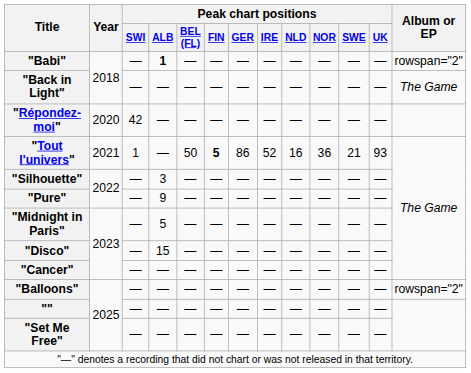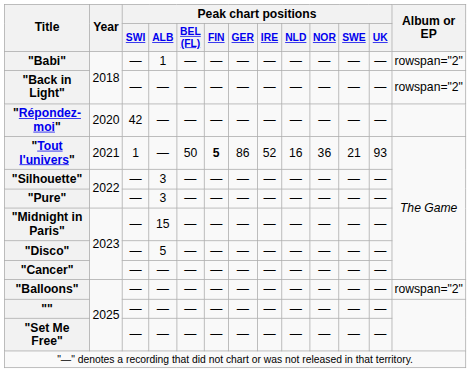 <table class="wikitable plainrowheaders" style="text-align:center;">
 <tr>
 <th scope="col" rowspan="2" style="width:10em;">Title</th>
 <th scope="col" rowspan="2">Year</th>
 <th scope="col" colspan="10">Peak chart positions</th>
 <th scope="col" rowspan="2">Album or EP</th>
 </tr>
 <tr>
 <th scope="col" style="width:3em;font-size:85%;"><a href='#'>SWI</a><br></th>
 <th scope="col" style="width:3em;font-size:85%;"><a href='#'>ALB</a><br></th>
 <th scope="col" style="width:3em;font-size:85%;"><a href='#'>BEL<br>(FL)</a><br></th>
 <th scope="col" style="width:3em;font-size:85%;"><a href='#'>FIN</a><br></th>
 <th scope="col" style="width:3em;font-size:85%;"><a href='#'>GER</a><br></th>
 <th scope="col" style="width:3em;font-size:85%;"><a href='#'>IRE</a><br></th>
 <th scope="col" style="width:3em;font-size:85%;"><a href='#'>NLD</a><br></th>
 <th scope="col" style="width:3em;font-size:85%;"><a href='#'>NOR</a><br></th>
 <th scope="col" style="width:3em;font-size:85%;"><a href='#'>SWE</a><br></th>
 <th scope="col" style="width:3em;font-size:85%;"><a href='#'>UK</a><br></th>
 </tr>
 <tr>
 <th scope="row">"Babi"</th>
 <td rowspan="2">2018</td>
 <td>—</td>
-<td><strong>1</strong></td>
+<td>1</td>
 <td>—</td>
 <td>—</td>
 <td>—</td>
 <td>—</td>
 <td>—</td>
 <td>—</td>
 <td>—</td>
 <td>—</td>
 <td>rowspan="2" </td>
 </tr>
 <tr>
 <th scope="row">"Back in Light"</th>
 <td>—</td>
 <td>—</td>
 <td>—</td>
 <td>—</td>
 <td>—</td>
 <td>—</td>
 <td>—</td>
 <td>—</td>
 <td>—</td>
 <td>—</td>
-<td><em>The Game</em></td>
+<td>rowspan="2" </td>
 </tr>
 <tr>
 <th scope="row">"<a href='#'>Répondez-moi</a>"</th>
 <td>2020</td>
 <td>42</td>
 <td>—</td>
 <td>—</td>
 <td>—</td>
 <td>—</td>
 <td>—</td>
 <td>—</td>
 <td>—</td>
 <td>—</td>
 <td>—</td>
 </tr>
 <tr>
 <th scope="row">"<a href='#'>Tout l'univers</a>"</th>
 <td>2021</td>
 <td>1</td>
 <td>—</td>
 <td>50</td>
 <td><strong>5</strong></td>
 <td>86</td>
 <td>52</td>
 <td>16</td>
 <td>36</td>
 <td>21</td>
 <td>93</td>
 <td rowspan="6"><em>The Game</em></td>
 </tr>
 <tr>
 <th scope="row">"Silhouette"</th>
 <td rowspan="2">2022</td>
 <td>—</td>
 <td>3</td>
 <td>—</td>
 <td>—</td>
 <td>—</td>
 <td>—</td>
 <td>—</td>
 <td>—</td>
 <td>—</td>
 <td>—</td>
 </tr>
 <tr>
 <th scope="row">"Pure"</th>
 <td>—</td>
-<td>9</td>
+<td>3</td>
 <td>—</td>
 <td>—</td>
 <td>—</td>
 <td>—</td>
 <td>—</td>
 <td>—</td>
 <td>—</td>
 <td>—</td>
 </tr>
 <tr>
 <th scope="row">"Midnight in Paris"</th>
 <td rowspan="3">2023</td>
 <td>—</td>
-<td>5</td>
+<td>15</td>
 <td>—</td>
 <td>—</td>
 <td>—</td>
 <td>—</td>
 <td>—</td>
 <td>—</td>
 <td>—</td>
 <td>—</td>
 </tr>
 <tr>
 <th scope="row">"Disco"</th>
 <td>—</td>
-<td>15</td>
+<td>5</td>
 <td>—</td>
 <td>—</td>
 <td>—</td>
 <td>—</td>
 <td>—</td>
 <td>—</td>
 <td>—</td>
 <td>—</td>
 </tr>
 <tr>
 <th scope="row">"Cancer"<br></th>
 <td>—</td>
 <td>—</td>
 <td>—</td>
 <td>—</td>
 <td>—</td>
 <td>—</td>
 <td>—</td>
 <td>—</td>
 <td>—</td>
 <td>—</td>
 </tr>
 <tr>
 <th scope="row">"Balloons"<br></th>
 <td rowspan="3">2025</td>
 <td>—</td>
 <td>—</td>
 <td>—</td>
 <td>—</td>
 <td>—</td>
 <td>—</td>
 <td>—</td>
 <td>—</td>
 <td>—</td>
 <td>—</td>
 <td>rowspan="2" </td>
 </tr>
 <tr>
 <th scope="row">""<br></th>
 <td>—</td>
 <td>—</td>
 <td>—</td>
 <td>—</td>
 <td>—</td>
 <td>—</td>
 <td>—</td>
 <td>—</td>
 <td>—</td>
 <td>—</td>
 </tr>
 <tr>
 <th scope="row">"Set Me Free"</th>
 <td>—</td>
 <td>—</td>
 <td>—</td>
 <td>—</td>
 <td>—</td>
 <td>—</td>
 <td>—</td>
 <td>—</td>
 <td>—</td>
 <td>—</td>
 </tr>
 <tr>
 <td colspan="13" style="font-size:85%">"—" denotes a recording that did not chart or was not released in that territory.</td>
 </tr>
 </table>
